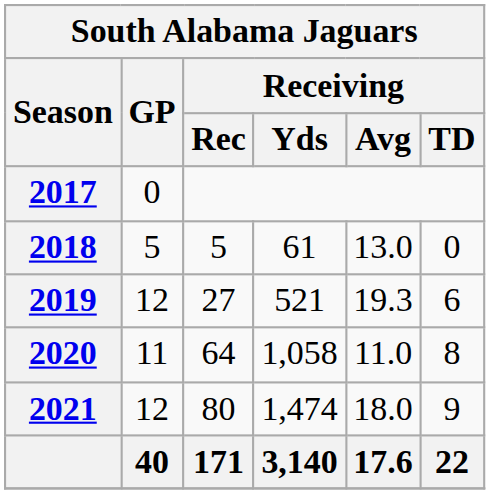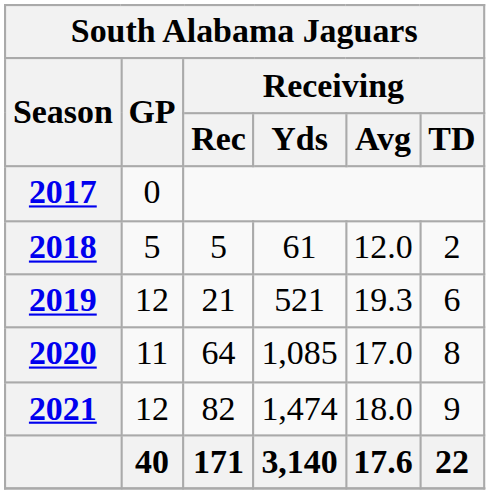 <table class="wikitable" style="text-align:center;">
 <tr>
 <th colspan="12">South Alabama Jaguars</th>
 </tr>
 <tr>
 <th rowspan="2">Season</th>
 <th rowspan="2">GP</th>
 <th colspan="4">Receiving</th>
 </tr>
 <tr>
 <th>Rec</th>
 <th>Yds</th>
 <th>Avg</th>
 <th>TD</th>
 </tr>
 <tr>
 <th><a href='#'>2017</a></th>
 <td>0</td>
 <td colspan="4"></td>
 </tr>
 <tr>
 <th><a href='#'>2018</a></th>
 <td>5</td>
 <td>5</td>
 <td>61</td>
-<td>13.0</td>
-<td>0</td>
+<td>12.0</td>
+<td>2</td>
 </tr>
 <tr>
 <th><a href='#'>2019</a></th>
 <td>12</td>
-<td>27</td>
+<td>21</td>
 <td>521</td>
 <td>19.3</td>
 <td>6</td>
 </tr>
 <tr>
 <th><a href='#'>2020</a></th>
 <td>11</td>
 <td>64</td>
-<td>1,058</td>
-<td>11.0</td>
+<td>1,085</td>
+<td>17.0</td>
 <td>8</td>
 </tr>
 <tr>
 <th><a href='#'>2021</a></th>
 <td>12</td>
-<td>80</td>
+<td>82</td>
 <td>1,474</td>
 <td>18.0</td>
 <td>9</td>
 </tr>
 <tr>
 <th></th>
 <th>40</th>
 <th>171</th>
 <th>3,140</th>
 <th>17.6</th>
 <th>22</th>
 </tr>
 <tr>
 </tr>
 </table>
